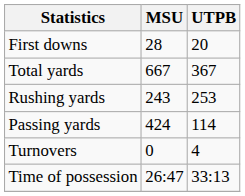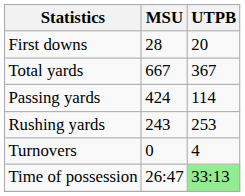 <table class="wikitable">
 <tr>
 <th>Statistics</th>
 <th>MSU</th>
 <th>UTPB</th>
 </tr>
 <tr>
 <td>First downs</td>
 <td>28</td>
 <td>20</td>
 </tr>
 <tr>
 <td>Total yards</td>
 <td>667</td>
 <td>367</td>
 </tr>
 <tr>
+<td>Passing yards</td>
+<td>424</td>
+<td>114</td>
+</tr>
+<tr>
 <td>Rushing yards</td>
 <td>243</td>
 <td>253</td>
-</tr>
-<tr>
-<td>Passing yards</td>
-<td>424</td>
-<td>114</td>
 </tr>
 <tr>
 <td>Turnovers</td>
 <td>0</td>
 <td>4</td>
 </tr>
 <tr>
 <td>Time of possession</td>
 <td>26:47</td>
-<td>33:13</td>
+<td style="background: lightgreen;">33:13</td>
 </tr>
 <tr>
 </tr>
 </table>
